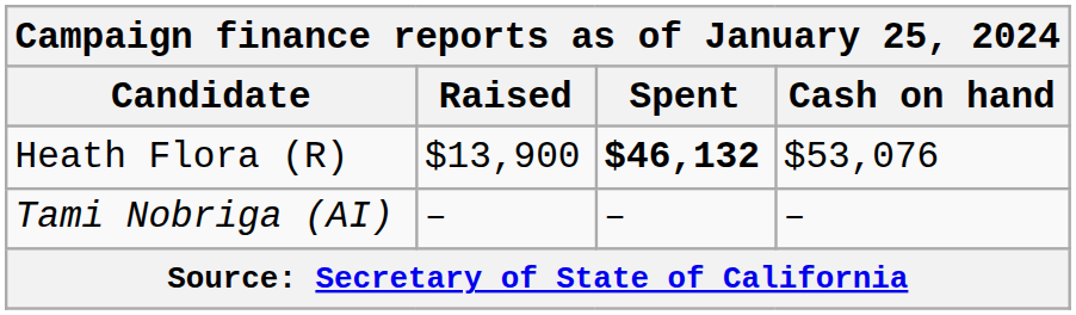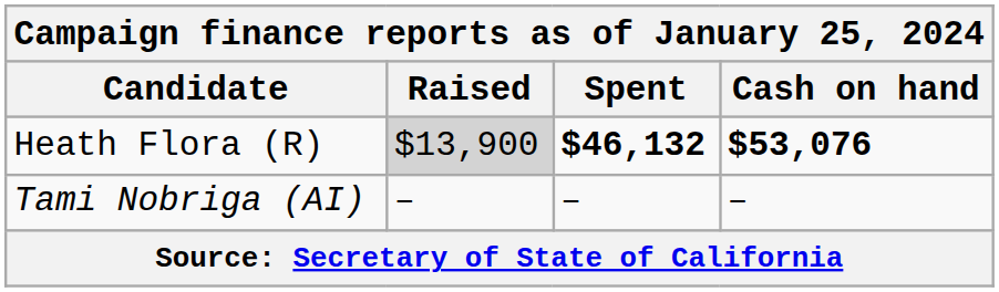 <table class="wikitable sortable">
 <tr>
 <th colspan=4>Campaign finance reports as of January 25, 2024</th>
 </tr>
 <tr style="text-align:center;">
 <th>Candidate</th>
 <th>Raised</th>
 <th>Spent</th>
 <th>Cash on hand</th>
 </tr>
 <tr>
 <td style="background-color:">Heath Flora (R)</td>
-<td>$13,900</td>
+<td style="background: lightgrey;">$13,900</td>
 <td><strong>$46,132</strong></td>
-<td>$53,076</td>
+<td><strong>$53,076</strong></td>
 </tr>
 <tr>
 <td><em>Tami Nobriga (AI)</em></td>
 <td>–</td>
 <td>–</td>
 <td>–</td>
 </tr>
 <tr>
 <th colspan="4"><small>Source: <a href='#'>Secretary of State of California</a></small></th>
 </tr>
 </table>
